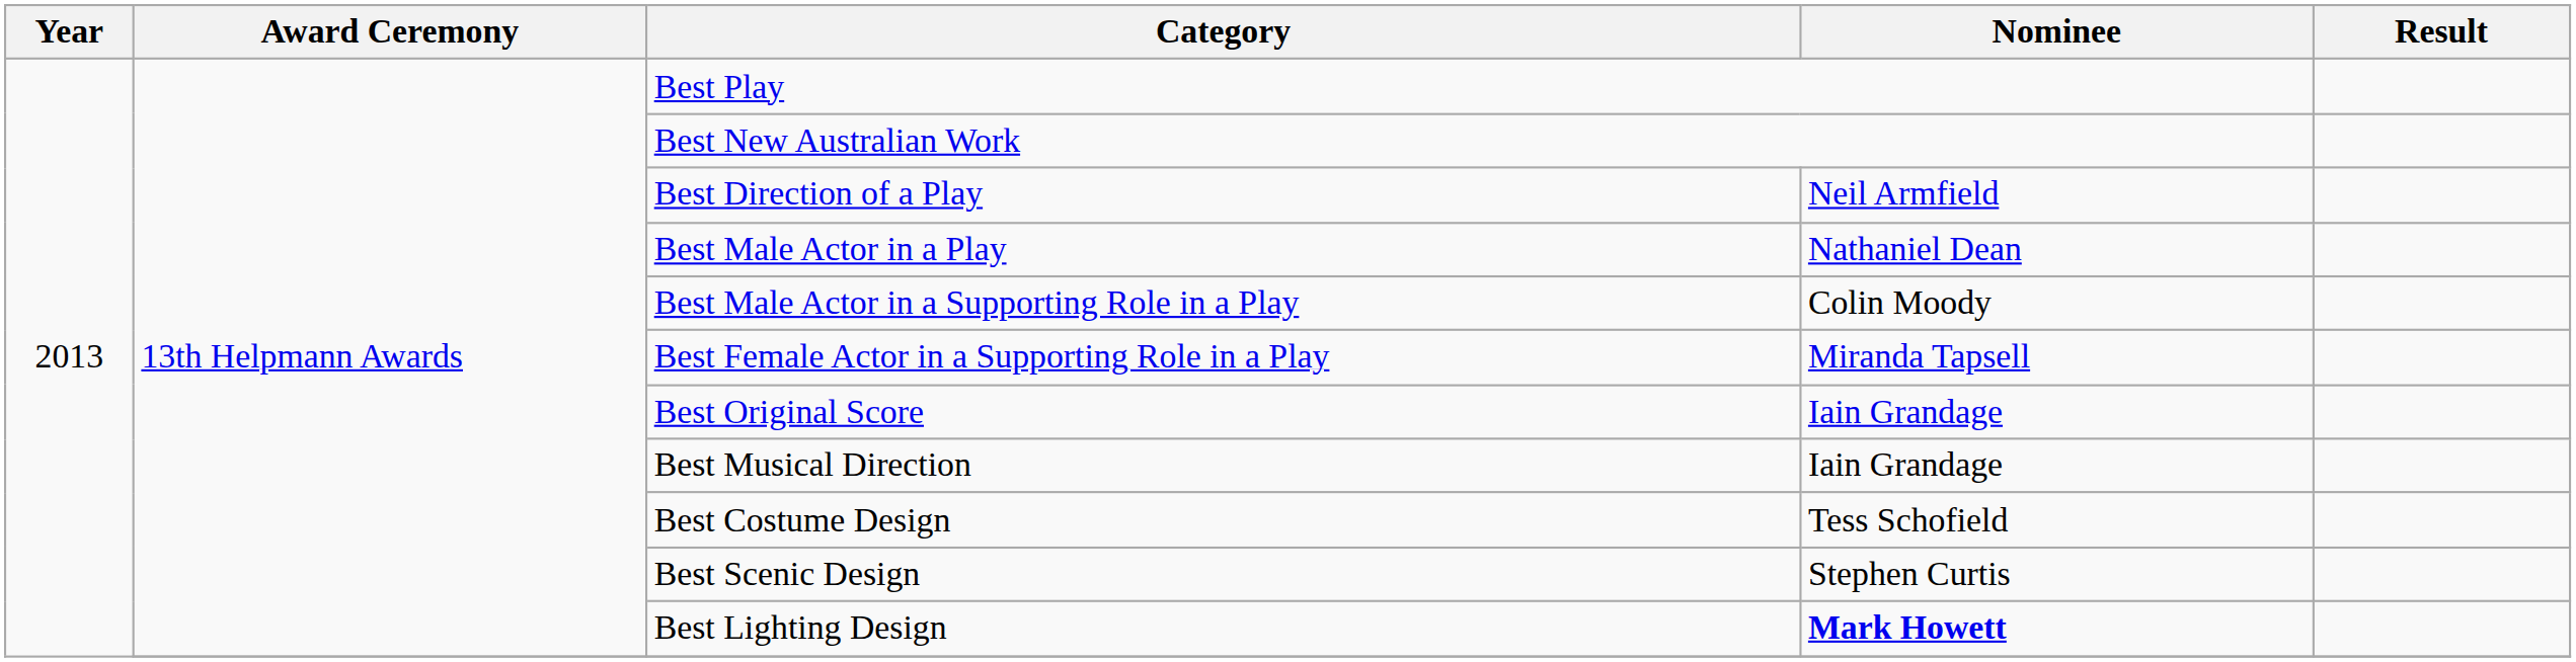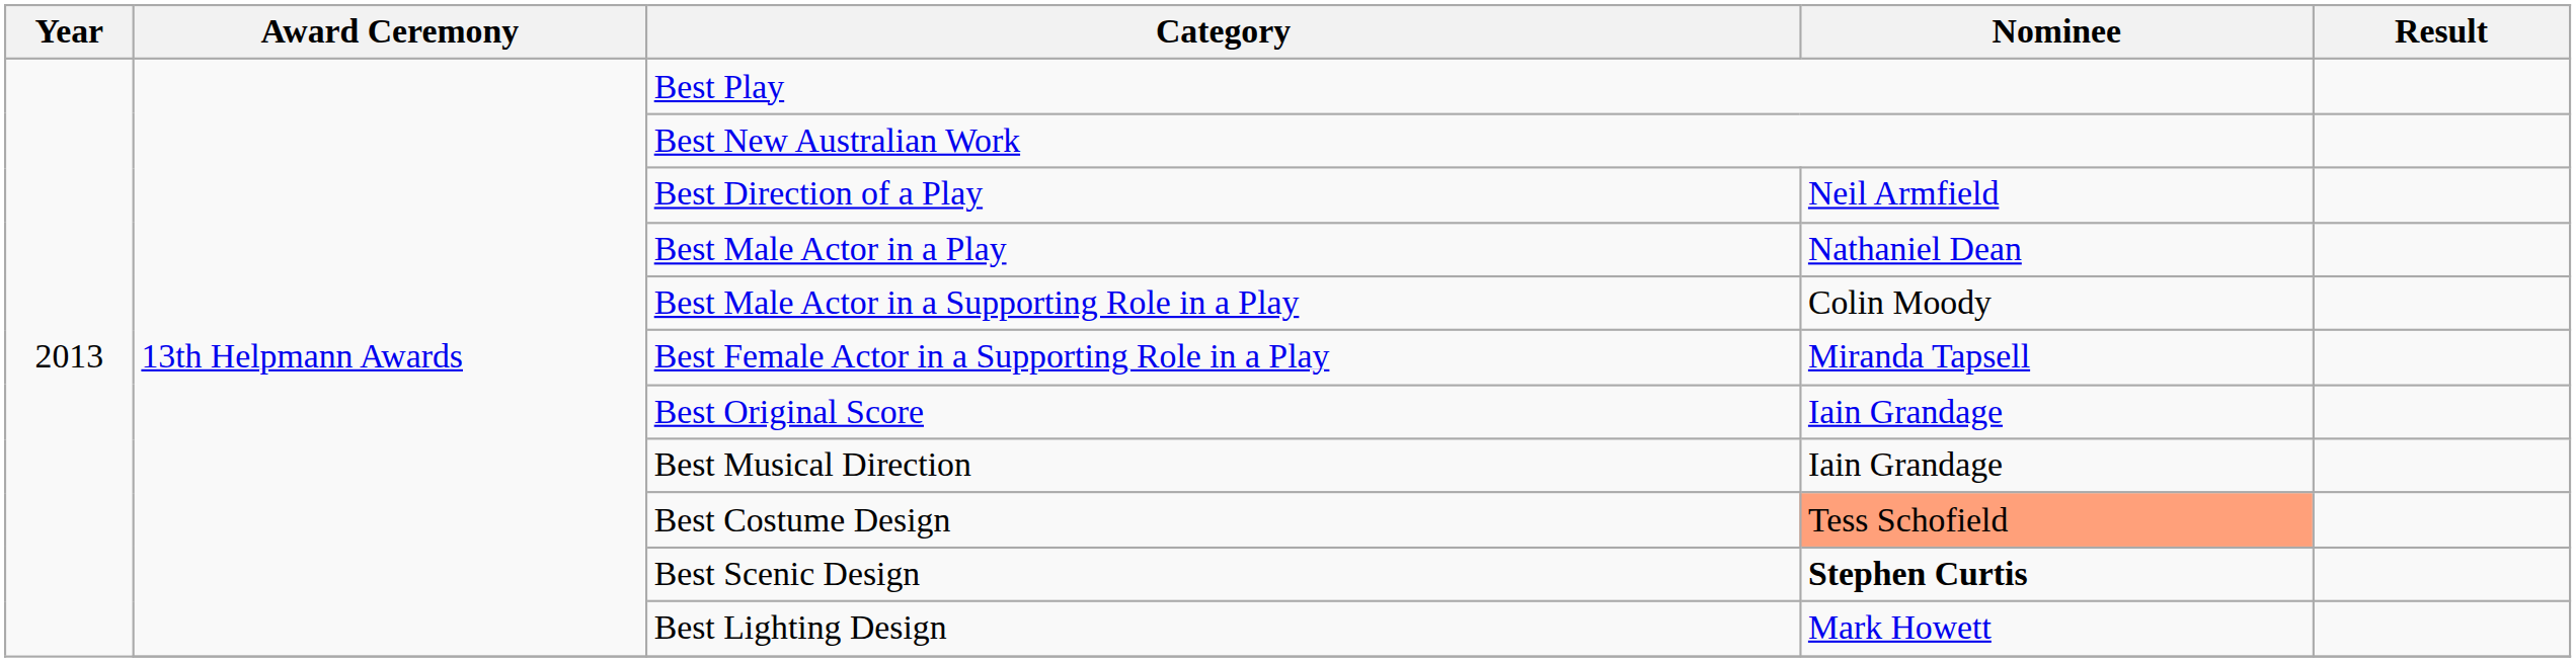 <table class="wikitable" style="width:95%;">
 <tr>
 <th style="width:5%;">Year</th>
 <th style="width:20%;">Award Ceremony</th>
 <th style="width:45%;">Category</th>
 <th style="width:20%;">Nominee</th>
 <th style="width:10%;">Result</th>
 </tr>
 <tr>
 <td rowspan="16" style="text-align:center;">2013</td>
 <td rowspan="11"><a href='#'>13th Helpmann Awards</a></td>
 <td colspan="2"><a href='#'>Best Play</a></td>
 <td></td>
 </tr>
 <tr>
 <td colspan="2"><a href='#'>Best New Australian Work</a></td>
 <td></td>
 </tr>
 <tr>
 <td><a href='#'>Best Direction of a Play</a></td>
 <td><a href='#'>Neil Armfield</a></td>
 <td></td>
 </tr>
 <tr>
 <td><a href='#'>Best Male Actor in a Play</a></td>
 <td><a href='#'>Nathaniel Dean</a></td>
 <td></td>
 </tr>
 <tr>
 <td><a href='#'>Best Male Actor in a Supporting Role in a Play</a></td>
 <td>Colin Moody</td>
 <td></td>
 </tr>
 <tr>
 <td><a href='#'>Best Female Actor in a Supporting Role in a Play</a></td>
 <td><a href='#'>Miranda Tapsell</a></td>
 <td></td>
 </tr>
 <tr>
 <td><a href='#'>Best Original Score</a></td>
 <td><a href='#'>Iain Grandage</a></td>
 <td></td>
 </tr>
 <tr>
 <td>Best Musical Direction</td>
 <td>Iain Grandage</td>
 <td></td>
 </tr>
 <tr>
 <td>Best Costume Design</td>
-<td>Tess Schofield</td>
+<td style="background: lightsalmon;">Tess Schofield</td>
 <td></td>
 </tr>
 <tr>
 <td>Best Scenic Design</td>
-<td>Stephen Curtis</td>
+<td><strong>Stephen Curtis</strong></td>
 <td></td>
 </tr>
 <tr>
 <td>Best Lighting Design</td>
-<td><strong><a href='#'>Mark Howett</a></strong></td>
+<td><a href='#'>Mark Howett</a></td>
 <td></td>
 </tr>
 <tr>
 </tr>
 </table>
